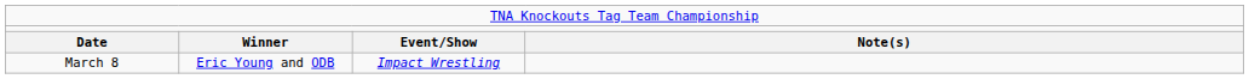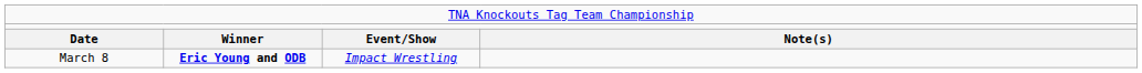 <table class="wikitable" style="text-align:center; width:100%;">
 <tr>
 <td colspan="5"><a href='#'>TNA Knockouts Tag Team Championship</a></td>
 </tr>
 <tr>
 <td colspan="5"><strong></strong></td>
 </tr>
 <tr>
 <th width="14%">Date</th>
 <th width="14%">Winner</th>
 <th width="14%">Event/Show</th>
 <th width="58%">Note(s)</th>
 </tr>
 <tr>
 <td>March 8</td>
-<td><a href='#'>Eric Young</a> and <a href='#'>ODB</a></td>
+<td><strong><a href='#'>Eric Young</a> and <a href='#'>ODB</a></strong></td>
 <td><em><a href='#'>Impact Wrestling</a></em></td>
 <td></td>
 </tr>
 </table>
